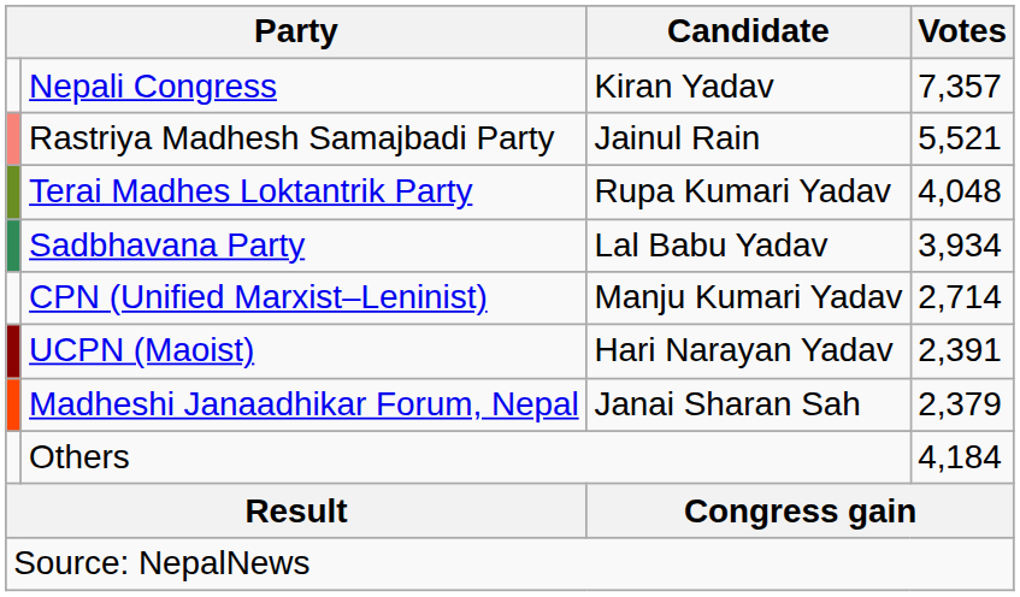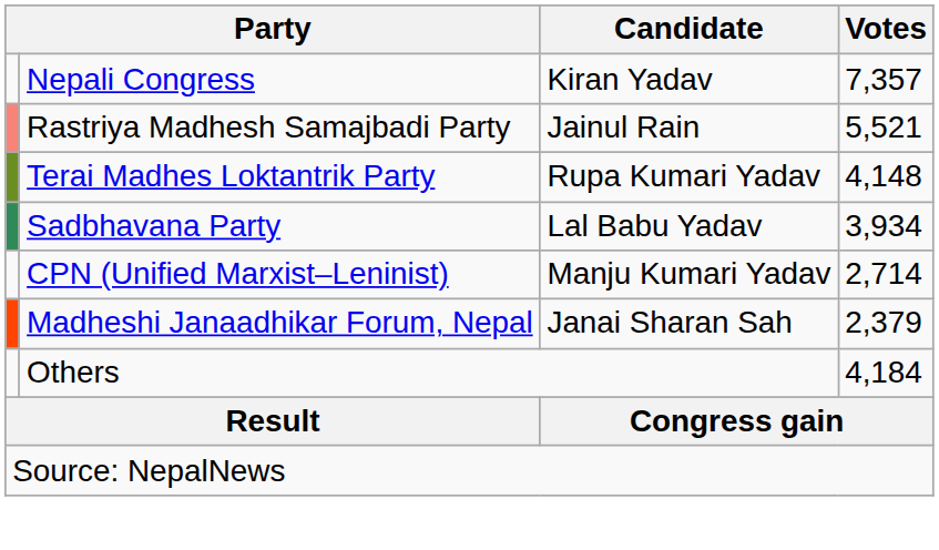 <table class="wikitable">
 <tr>
 <th colspan="2">Party</th>
 <th>Candidate</th>
 <th>Votes</th>
 </tr>
 <tr>
 <td style="background-color:"></td>
 <td><a href='#'>Nepali Congress</a></td>
 <td>Kiran Yadav</td>
 <td>7,357</td>
 </tr>
 <tr>
 <td style="background-color:#F88379"></td>
 <td>Rastriya Madhesh Samajbadi Party</td>
 <td>Jainul Rain</td>
 <td>5,521</td>
 </tr>
 <tr>
 <td style="background-color:olivedrab"></td>
 <td><a href='#'>Terai Madhes Loktantrik Party</a></td>
 <td>Rupa Kumari Yadav</td>
-<td>4,048</td>
+<td>4,148</td>
 </tr>
 <tr>
 <td style="background-color:seagreen"></td>
 <td><a href='#'>Sadbhavana Party</a></td>
 <td>Lal Babu Yadav</td>
 <td>3,934</td>
 </tr>
 <tr>
 <td style="background-color:"></td>
 <td><a href='#'>CPN (Unified Marxist–Leninist)</a></td>
 <td>Manju Kumari Yadav</td>
 <td>2,714</td>
-</tr>
-<tr>
-<td style="background-color:darkred"></td>
-<td><a href='#'>UCPN (Maoist)</a></td>
-<td>Hari Narayan Yadav</td>
-<td>2,391</td>
 </tr>
 <tr>
 <td style="background-color:orangered"></td>
 <td><a href='#'>Madheshi Janaadhikar Forum, Nepal</a></td>
 <td>Janai Sharan Sah</td>
 <td>2,379</td>
 </tr>
 <tr>
 <td></td>
 <td colspan="2">Others</td>
 <td>4,184</td>
 </tr>
 <tr>
 <th colspan="2">Result</th>
 <th colspan="2">Congress gain</th>
 </tr>
 <tr>
 <td colspan="4">Source: NepalNews</td>
 </tr>
 </table>
